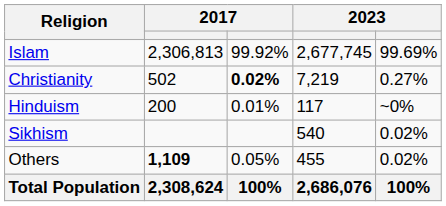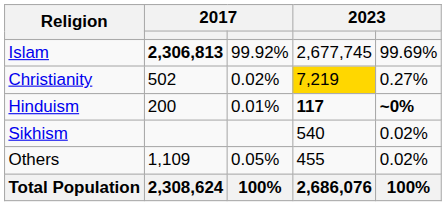 <table class="wikitable sortable">
 <tr>
 <th rowspan="2">Religion</th>
 <th colspan="2">2017</th>
 <th colspan="2">2023</th>
 </tr>
 <tr>
 <th></th>
 <th></th>
 <th></th>
 <th></th>
 </tr>
 <tr>
 <td><a href='#'>Islam</a> </td>
-<td>2,306,813</td>
+<td><strong>2,306,813</strong></td>
 <td>99.92%</td>
 <td>2,677,745</td>
 <td>99.69%</td>
 </tr>
 <tr>
 <td><a href='#'>Christianity</a> </td>
 <td>502</td>
-<td><strong>0.02%</strong></td>
-<td>7,219</td>
+<td>0.02%</td>
+<td style="background: gold;">7,219</td>
 <td>0.27%</td>
 </tr>
 <tr>
 <td><a href='#'>Hinduism</a> </td>
 <td>200</td>
 <td>0.01%</td>
-<td>117</td>
-<td>~0%</td>
+<td><strong>117</strong></td>
+<td><strong>~0%</strong></td>
 </tr>
 <tr>
 <td><a href='#'>Sikhism</a> </td>
 <td></td>
 <td></td>
 <td>540</td>
 <td>0.02%</td>
 </tr>
 <tr>
 <td>Others</td>
-<td><strong>1,109</strong></td>
+<td>1,109</td>
 <td>0.05%</td>
 <td>455</td>
 <td>0.02%</td>
 </tr>
 <tr>
 <th>Total Population</th>
 <th>2,308,624</th>
 <th>100%</th>
 <th>2,686,076</th>
 <th>100%</th>
 </tr>
 </table>
